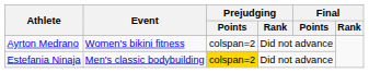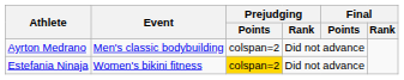 <table class=wikitable style="font-size:90%">
 <tr>
 <th rowspan="2">Athlete</th>
 <th rowspan="2">Event</th>
 <th colspan="2">Prejudging</th>
 <th colspan="2">Final</th>
 </tr>
 <tr style="font-size:95%">
 <th>Points</th>
 <th>Rank</th>
 <th>Points</th>
 <th>Rank</th>
 </tr>
 <tr align=center>
 <td align=left><a href='#'>Ayrton Medrano</a></td>
-<td align=left><a href='#'>Women's bikini fitness</a></td>
+<td align=left><a href='#'>Men's classic bodybuilding</a></td>
 <td>colspan=2 </td>
 <td colspan=2>Did not advance</td>
 </tr>
 <tr align=center>
 <td align=left><a href='#'>Estefania Ninaja</a></td>
-<td align=left><a href='#'>Men's classic bodybuilding</a></td>
+<td align=left><a href='#'>Women's bikini fitness</a></td>
 <td style="background: gold;">colspan=2 </td>
 <td colspan=2>Did not advance</td>
 </tr>
 </table>
